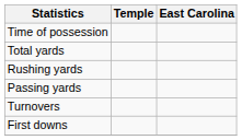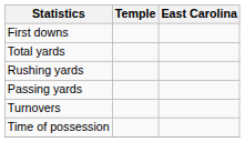 <table class="wikitable">
 <tr>
 <th>Statistics</th>
 <th>Temple</th>
 <th>East Carolina</th>
 </tr>
 <tr>
-<td>Time of possession</td>
+<td>First downs</td>
 <td> </td>
 <td> </td>
 </tr>
 <tr>
 <td>Total yards</td>
 <td> </td>
 <td> </td>
 </tr>
 <tr>
 <td>Rushing yards</td>
 <td> </td>
 <td> </td>
 </tr>
 <tr>
 <td>Passing yards</td>
 <td> </td>
 <td> </td>
 </tr>
 <tr>
 <td>Turnovers</td>
 <td> </td>
 <td> </td>
 </tr>
 <tr>
-<td>First downs</td>
+<td>Time of possession</td>
 <td> </td>
 <td> </td>
 </tr>
 <tr>
 </tr>
 </table>
